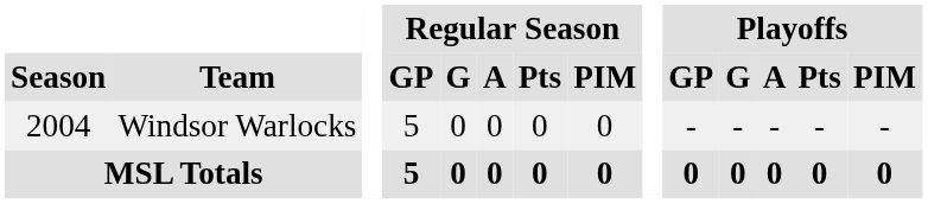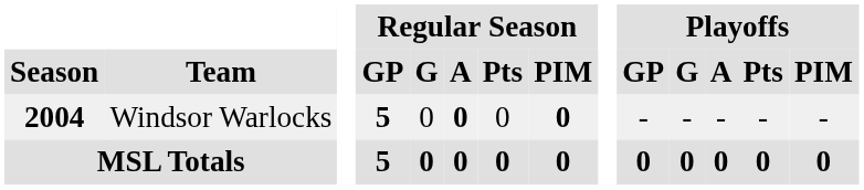 <table BORDER="0" CELLPADDING="3" CELLSPACING="0">
 <tr ALIGN="center" bgcolor="#e0e0e0">
 <th ALIGN="center" colspan="2" bgcolor="#ffffff"> </th>
 <th ALIGN="center" rowspan="99" bgcolor="#ffffff"> </th>
 <th ALIGN="center" colspan="5">Regular Season</th>
 <th ALIGN="center" rowspan="99" bgcolor="#ffffff"> </th>
 <th ALIGN="center" colspan="5">Playoffs</th>
 </tr>
 <tr ALIGN="center" bgcolor="#e0e0e0">
 <th ALIGN="center">Season</th>
 <th ALIGN="center">Team</th>
 <th ALIGN="center">GP</th>
 <th ALIGN="center">G</th>
 <th ALIGN="center">A</th>
 <th ALIGN="center">Pts</th>
 <th ALIGN="center">PIM</th>
 <th ALIGN="center">GP</th>
 <th ALIGN="center">G</th>
 <th ALIGN="center">A</th>
 <th ALIGN="center">Pts</th>
 <th ALIGN="center">PIM</th>
 </tr>
 <tr ALIGN="center" bgcolor="#f0f0f0">
-<td ALIGN="center">2004</td>
+<td ALIGN="center"><strong>2004</strong></td>
 <td ALIGN="center">Windsor Warlocks</td>
-<td ALIGN="center">5</td>
+<td ALIGN="center"><strong>5</strong></td>
 <td ALIGN="center">0</td>
+<td ALIGN="center"><strong>0</strong></td>
 <td ALIGN="center">0</td>
-<td ALIGN="center">0</td>
-<td ALIGN="center">0</td>
+<td ALIGN="center"><strong>0</strong></td>
 <td ALIGN="center">-</td>
 <td ALIGN="center">-</td>
 <td ALIGN="center">-</td>
 <td ALIGN="center">-</td>
 <td ALIGN="center">-</td>
 </tr>
 <tr ALIGN="center" bgcolor="#e0e0e0">
 <th colspan="2">MSL Totals</th>
 <th ALIGN="center">5</th>
 <th ALIGN="center">0</th>
 <th ALIGN="center">0</th>
 <th ALIGN="center">0</th>
 <th ALIGN="center">0</th>
 <th ALIGN="center">0</th>
 <th ALIGN="center">0</th>
 <th ALIGN="center">0</th>
 <th ALIGN="center">0</th>
 <th ALIGN="center">0</th>
 </tr>
 </table>
